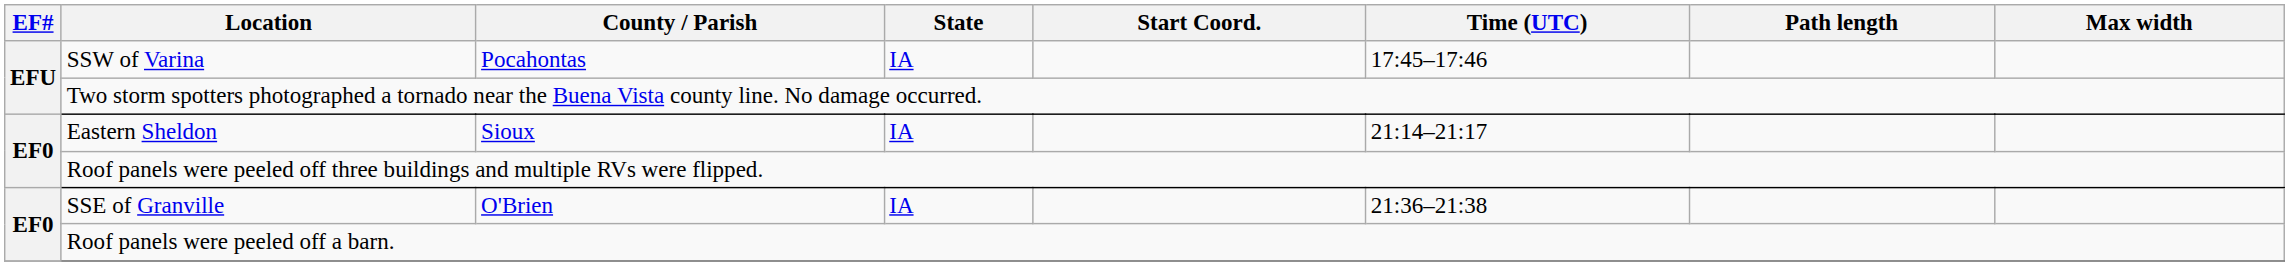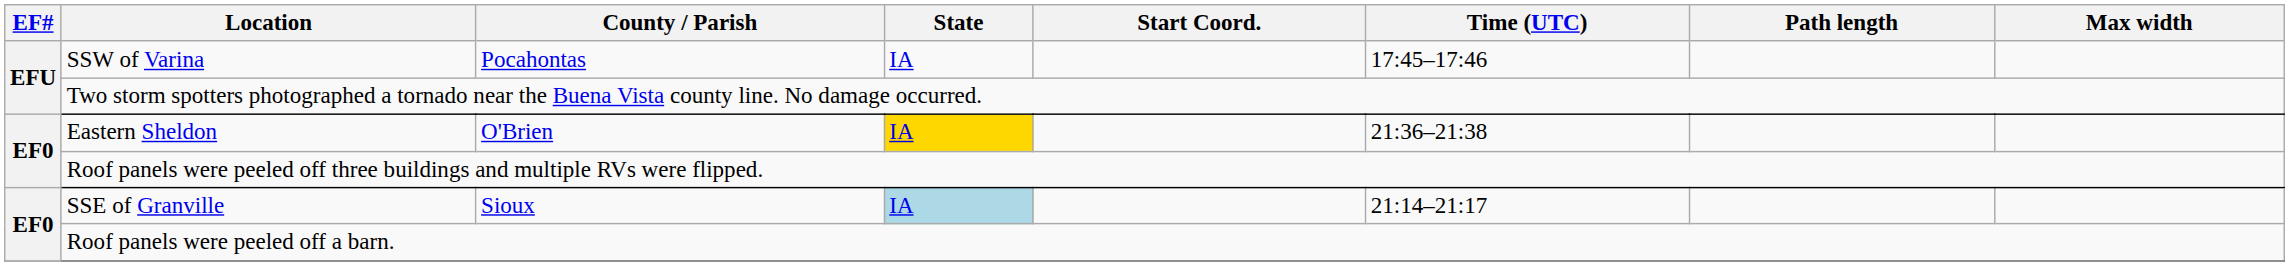 <table class="wikitable sortable" style="width:100%;">
 <tr>
 <th scope="col" width="2%" align="center"><a href='#'>EF#</a></th>
 <th scope="col" align="center" class="unsortable">Location</th>
 <th scope="col" align="center" class="unsortable">County / Parish</th>
 <th scope="col" align="center">State</th>
 <th scope="col" align="center">Start Coord.</th>
 <th scope="col" align="center">Time (<a href='#'>UTC</a>)</th>
 <th scope="col" align="center">Path length</th>
 <th scope="col" align="center">Max width</th>
 </tr>
 <tr>
 <th scope="row" rowspan="2" style="background-color:#">EFU</th>
 <td>SSW of <a href='#'>Varina</a></td>
 <td><a href='#'>Pocahontas</a></td>
 <td><a href='#'>IA</a></td>
 <td></td>
 <td>17:45–17:46</td>
 <td></td>
 <td></td>
 </tr>
 <tr class="expand-child">
 <td colspan="8" style=" border-bottom: 1px solid black;">Two storm spotters photographed a tornado near the <a href='#'>Buena Vista</a> county line. No damage occurred.</td>
 </tr>
 <tr>
 <th scope="row" rowspan="2" style="background-color:#">EF0</th>
 <td>Eastern <a href='#'>Sheldon</a></td>
-<td><a href='#'>Sioux</a></td>
-<td><a href='#'>IA</a></td>
+<td><a href='#'>O'Brien</a></td>
+<td style="background: gold;"><a href='#'>IA</a></td>
 <td></td>
-<td>21:14–21:17</td>
+<td>21:36–21:38</td>
 <td></td>
 <td></td>
 </tr>
 <tr class="expand-child">
 <td colspan="8" style=" border-bottom: 1px solid black;">Roof panels were peeled off three buildings and multiple RVs were flipped.</td>
 </tr>
 <tr>
 <th scope="row" rowspan="2" style="background-color:#">EF0</th>
 <td>SSE of <a href='#'>Granville</a></td>
-<td><a href='#'>O'Brien</a></td>
-<td><a href='#'>IA</a></td>
+<td><a href='#'>Sioux</a></td>
+<td style="background: lightblue;"><a href='#'>IA</a></td>
 <td></td>
-<td>21:36–21:38</td>
+<td>21:14–21:17</td>
 <td></td>
 <td></td>
 </tr>
 <tr class="expand-child">
 <td colspan="8" style=" border-bottom: 1px solid black;">Roof panels were peeled off a barn.</td>
 </tr>
 <tr>
 </tr>
 </table>
